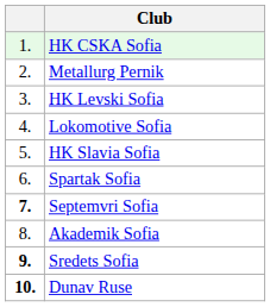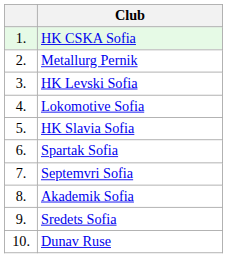 <table class="wikitable">
 <tr>
 <th width="30"></th>
 <th width="200">Club</th>
 </tr>
 <tr bgcolor="#e6fae6" align="center">
 <td>1.</td>
 <td align="left"><a href='#'>HK CSKA Sofia</a></td>
 </tr>
 <tr bgcolor="#FFFFFF" align="center">
 <td>2.</td>
 <td align="left"><a href='#'>Metallurg Pernik</a></td>
 </tr>
 <tr bgcolor="#FFFFFF" align="center">
 <td>3.</td>
 <td align="left"><a href='#'>HK Levski Sofia</a></td>
 </tr>
 <tr bgcolor="#FFFFFF" align="center">
 <td>4.</td>
 <td align="left"><a href='#'>Lokomotive Sofia</a></td>
 </tr>
 <tr bgcolor="#FFFFFF" align="center">
 <td>5.</td>
 <td align="left"><a href='#'>HK Slavia Sofia</a></td>
 </tr>
 <tr bgcolor="#FFFFFF" align="center">
 <td>6.</td>
 <td align="left"><a href='#'>Spartak Sofia</a></td>
 </tr>
 <tr bgcolor="#FFFFFF" align="center">
-<td><strong>7.</strong></td>
+<td>7.</td>
 <td align="left"><a href='#'>Septemvri Sofia</a></td>
 </tr>
 <tr bgcolor="#FFFFFF" align="center">
 <td>8.</td>
 <td align="left"><a href='#'>Akademik Sofia</a></td>
 </tr>
 <tr bgcolor="#FFFFFF" align="center">
-<td><strong>9.</strong></td>
+<td>9.</td>
 <td align="left"><a href='#'>Sredets Sofia</a></td>
 </tr>
 <tr bgcolor="#FFFFFF" align="center">
-<td><strong>10.</strong></td>
+<td>10.</td>
 <td align="left"><a href='#'>Dunav Ruse</a></td>
 </tr>
 </table>
